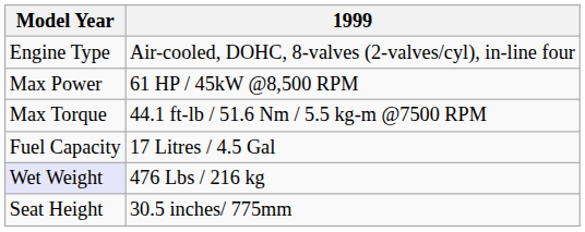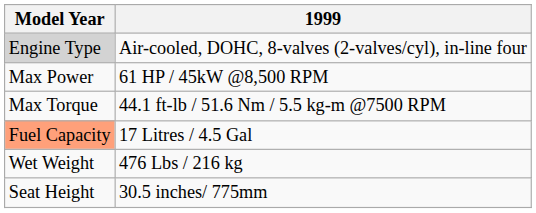 <table class="wikitable">
 <tr>
 <th>Model Year</th>
 <th>1999</th>
 </tr>
 <tr>
-<td>Engine Type</td>
+<td style="background: lightgrey;">Engine Type</td>
 <td colspan="7">Air-cooled, DOHC, 8-valves (2-valves/cyl), in-line four</td>
 </tr>
 <tr>
 <td>Max Power</td>
 <td colspan="7">61 HP / 45kW  @8,500 RPM</td>
 </tr>
 <tr>
 <td>Max Torque</td>
 <td colspan="7">44.1 ft-lb  /  51.6 Nm  / 5.5 kg-m  @7500 RPM</td>
 </tr>
 <tr>
-<td>Fuel Capacity</td>
+<td style="background: lightsalmon;">Fuel Capacity</td>
 <td colspan="7">17 Litres / 4.5 Gal</td>
 </tr>
 <tr>
-<td style="background: lavender;">Wet Weight</td>
+<td>Wet Weight</td>
 <td colspan="7">476 Lbs / 216 kg</td>
 </tr>
 <tr>
 <td>Seat Height</td>
 <td colspan="7">30.5 inches/ 775mm</td>
 </tr>
 </table>
